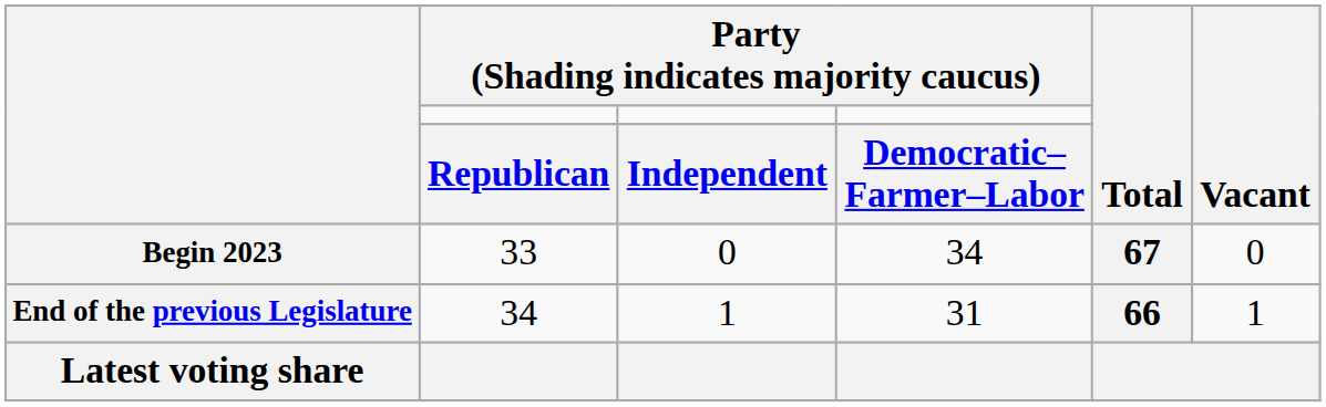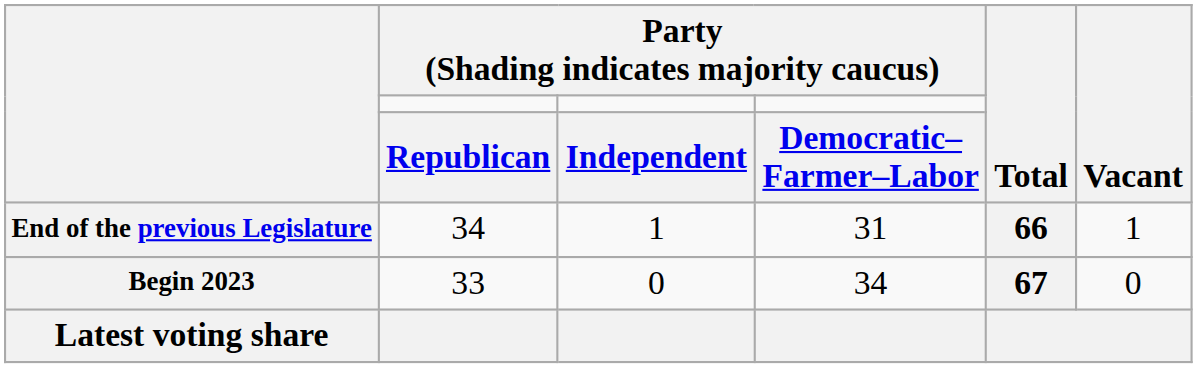 <table class=wikitable style="text-align:center">
 <tr style="vertical-align:bottom;">
 <th rowspan=3></th>
 <th colspan=3>Party <div>(Shading indicates majority caucus)</div></th>
 <th rowspan=3>Total</th>
 <th rowspan=3>Vacant</th>
 </tr>
 <tr>
 <td style="background-color:"></td>
 <td style="background-color:"></td>
 <td style="background-color:"></td>
 </tr>
 <tr>
 <th><a href='#'>Republican</a></th>
 <th><a href='#'>Independent</a></th>
 <th><a href='#'>Democratic–<br>Farmer–Labor</a></th>
 </tr>
 <tr>
+<th nowrap style="font-size:80%">End of the <a href='#'>previous Legislature</a></th>
+<td>34</td>
+<td>1</td>
+<td>31</td>
+<th>66</th>
+<td>1</td>
+</tr>
+<tr>
 <th nowrap style="font-size:80%">Begin 2023</th>
 <td>33</td>
 <td>0</td>
 <td>34</td>
 <th>67</th>
 <td>0</td>
-</tr>
-<tr>
-<th nowrap style="font-size:80%">End of the <a href='#'>previous Legislature</a></th>
-<td>34</td>
-<td>1</td>
-<td>31</td>
-<th>66</th>
-<td>1</td>
 </tr>
 <tr>
 <th>Latest voting share</th>
 <th></th>
 <th></th>
 <th></th>
 <th colspan="2"></th>
 </tr>
 </table>
